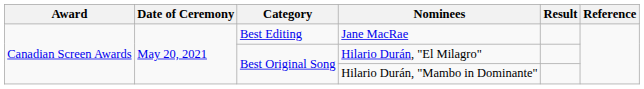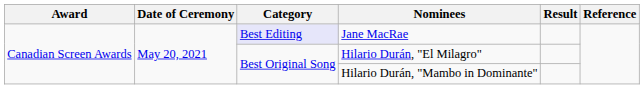 <table class="wikitable">
 <tr>
 <th>Award</th>
 <th>Date of Ceremony</th>
 <th>Category</th>
 <th>Nominees</th>
 <th>Result</th>
 <th>Reference</th>
 </tr>
 <tr>
 <td rowspan="3"><a href='#'>Canadian Screen Awards</a></td>
 <td rowspan="3"><a href='#'>May 20, 2021</a></td>
-<td><a href='#'>Best Editing</a></td>
+<td style="background: lavender;"><a href='#'>Best Editing</a></td>
 <td><a href='#'>Jane MacRae</a></td>
 <td></td>
 <td rowspan=3></td>
 </tr>
 <tr>
 <td rowspan=2><a href='#'>Best Original Song</a></td>
 <td><a href='#'>Hilario Durán</a>, "El Milagro"</td>
 <td></td>
 </tr>
 <tr>
 <td>Hilario Durán, "Mambo in Dominante"</td>
 <td></td>
 </tr>
 </table>
